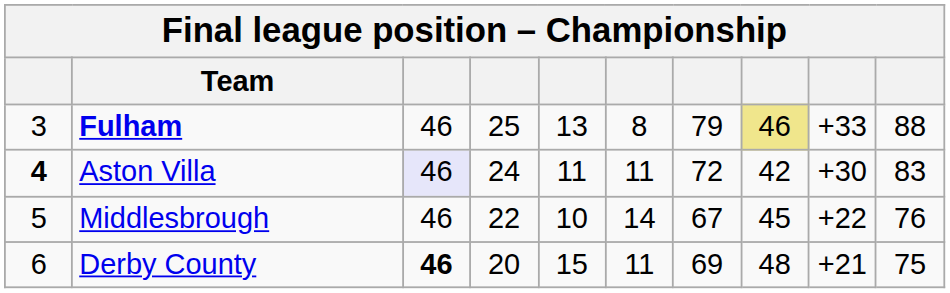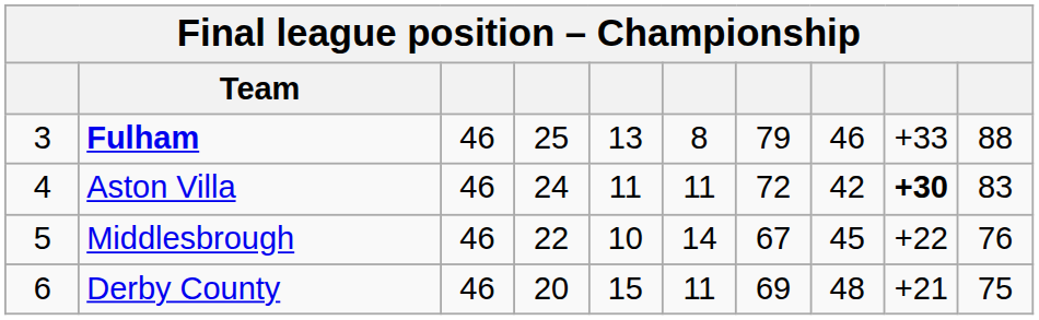 <table class="wikitable" style="text-align:center">
 <tr>
 <th colspan=10><big>Final league position – Championship</big></th>
 </tr>
 <tr>
 <th width="30"></th>
 <th width="175">Team</th>
 <th width="30"></th>
 <th width="30"></th>
 <th width="30"></th>
 <th width="30"></th>
 <th width="30"></th>
 <th width="30"></th>
 <th width="30"></th>
 <th width="30"></th>
 </tr>
 <tr>
 <td>3</td>
 <td align=left><strong><a href='#'>Fulham</a></strong></td>
 <td>46</td>
 <td>25</td>
 <td>13</td>
 <td>8</td>
 <td>79</td>
-<td style="background: khaki;">46</td>
+<td>46</td>
 <td>+33</td>
 <td>88</td>
 </tr>
 <tr>
-<td><strong>4</strong></td>
+<td>4</td>
 <td align=left><a href='#'>Aston Villa</a></td>
-<td style="background: lavender;">46</td>
+<td>46</td>
 <td>24</td>
 <td>11</td>
 <td>11</td>
 <td>72</td>
 <td>42</td>
-<td>+30</td>
+<td><strong>+30</strong></td>
 <td>83</td>
 </tr>
 <tr>
 <td>5</td>
 <td align=left><a href='#'>Middlesbrough</a></td>
 <td>46</td>
 <td>22</td>
 <td>10</td>
 <td>14</td>
 <td>67</td>
 <td>45</td>
 <td>+22</td>
 <td>76</td>
 </tr>
 <tr>
 <td>6</td>
 <td align=left><a href='#'>Derby County</a></td>
-<td><strong>46</strong></td>
+<td>46</td>
 <td>20</td>
 <td>15</td>
 <td>11</td>
 <td>69</td>
 <td>48</td>
 <td>+21</td>
 <td>75</td>
 </tr>
 </table>
